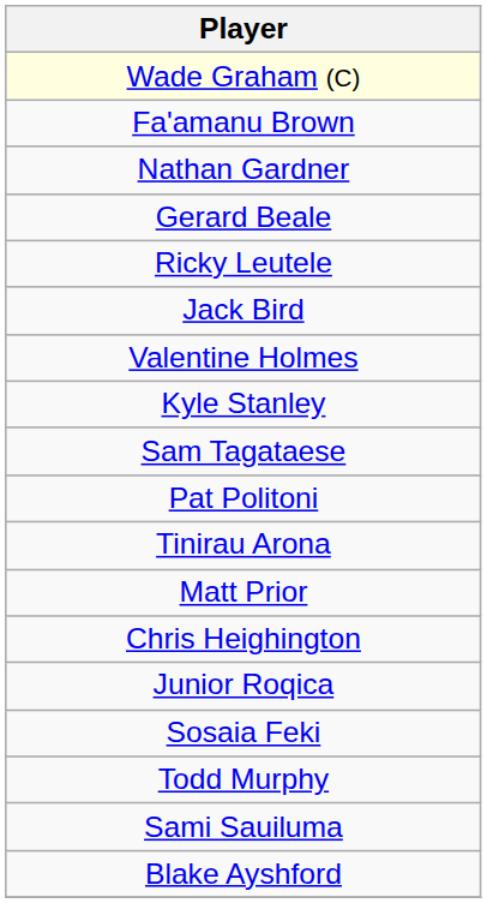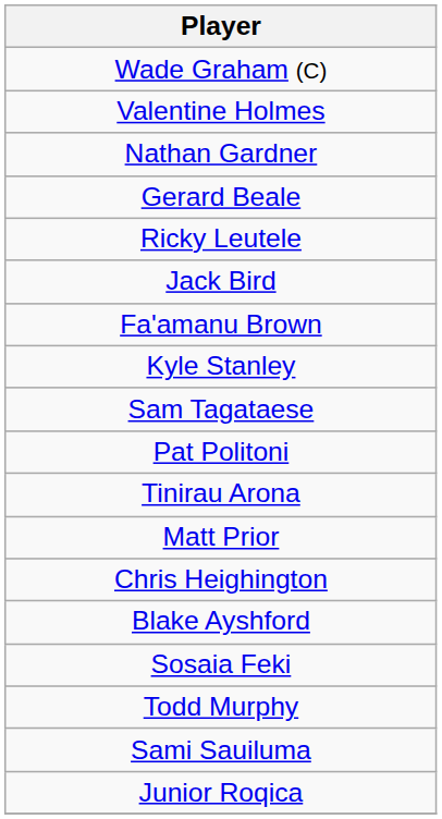 <table class="wikitable" style="text-align: center;">
 <tr>
 <th style="width:250px;">Player</th>
 </tr>
 <tr>
-<td style="background: lightyellow;"><a href='#'>Wade Graham</a> <small>(C)</small></td>
+<td><a href='#'>Wade Graham</a> <small>(C)</small></td>
 </tr>
 <tr>
-<td><a href='#'>Fa'amanu Brown</a></td>
+<td><a href='#'>Valentine Holmes</a></td>
 </tr>
 <tr>
 <td><a href='#'>Nathan Gardner</a></td>
 </tr>
 <tr>
 <td><a href='#'>Gerard Beale</a></td>
 </tr>
 <tr>
 <td><a href='#'>Ricky Leutele</a></td>
 </tr>
 <tr>
 <td><a href='#'>Jack Bird</a></td>
 </tr>
 <tr>
-<td><a href='#'>Valentine Holmes</a></td>
+<td><a href='#'>Fa'amanu Brown</a></td>
 </tr>
 <tr>
 <td><a href='#'>Kyle Stanley</a></td>
 </tr>
 <tr>
 <td><a href='#'>Sam Tagataese</a></td>
 </tr>
 <tr>
 <td><a href='#'>Pat Politoni</a></td>
 </tr>
 <tr>
 <td><a href='#'>Tinirau Arona</a></td>
 </tr>
 <tr>
 <td><a href='#'>Matt Prior</a></td>
 </tr>
 <tr>
 <td><a href='#'>Chris Heighington</a></td>
 </tr>
 <tr>
-<td><a href='#'>Junior Roqica</a></td>
+<td><a href='#'>Blake Ayshford</a></td>
 </tr>
 <tr>
 <td><a href='#'>Sosaia Feki</a></td>
 </tr>
 <tr>
 <td><a href='#'>Todd Murphy</a></td>
 </tr>
 <tr>
 <td><a href='#'>Sami Sauiluma</a></td>
 </tr>
 <tr>
-<td><a href='#'>Blake Ayshford</a></td>
+<td><a href='#'>Junior Roqica</a></td>
 </tr>
 <tr>
 </tr>
 </table>
